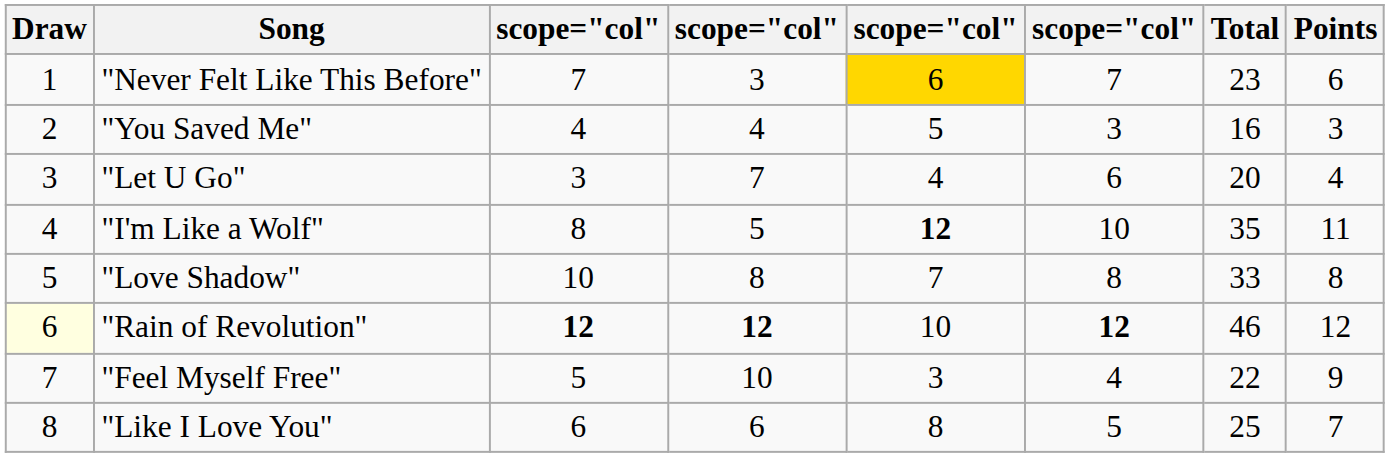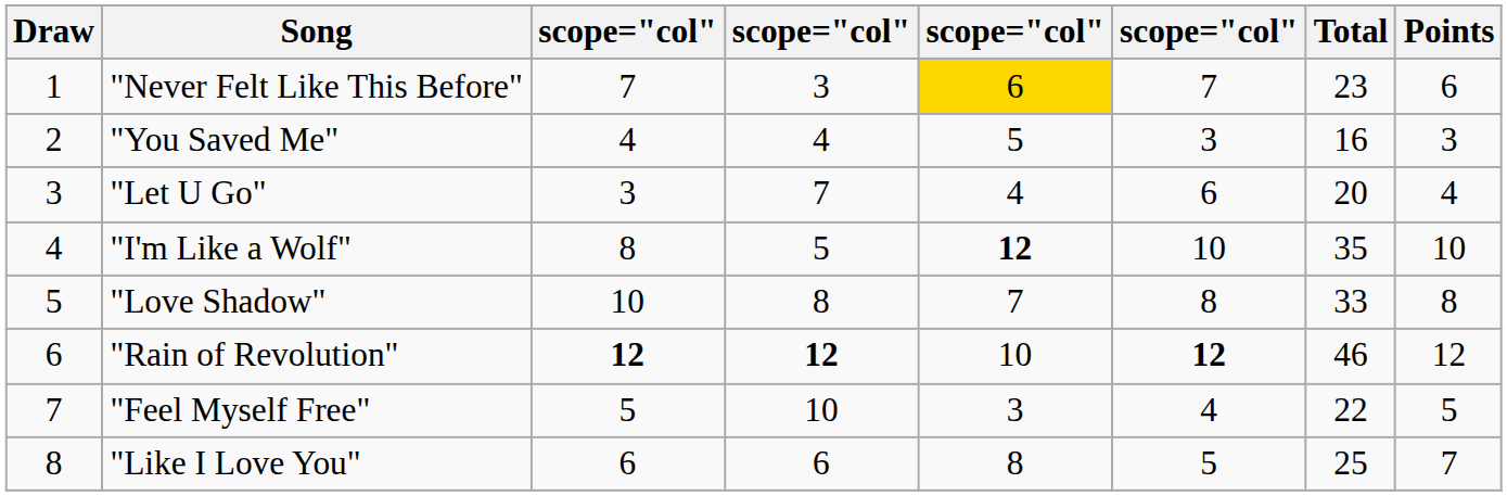 <table class="wikitable collapsible" style="margin: 1em auto 1em auto; text-align:center">
 <tr>
 <th>Draw</th>
 <th>Song</th>
 <th>scope="col" </th>
 <th>scope="col" </th>
 <th>scope="col" </th>
 <th>scope="col" </th>
 <th>Total</th>
 <th>Points</th>
 </tr>
 <tr>
 <td>1</td>
 <td align="left">"Never Felt Like This Before"</td>
 <td>7</td>
 <td>3</td>
 <td style="background: gold;">6</td>
 <td>7</td>
 <td>23</td>
 <td>6</td>
 </tr>
 <tr>
 <td>2</td>
 <td align="left">"You Saved Me"</td>
 <td>4</td>
 <td>4</td>
 <td>5</td>
 <td>3</td>
 <td>16</td>
 <td>3</td>
 </tr>
 <tr>
 <td>3</td>
 <td align="left">"Let U Go"</td>
 <td>3</td>
 <td>7</td>
 <td>4</td>
 <td>6</td>
 <td>20</td>
 <td>4</td>
 </tr>
 <tr>
 <td>4</td>
 <td align="left">"I'm Like a Wolf"</td>
 <td>8</td>
 <td>5</td>
 <td><strong>12</strong></td>
 <td>10</td>
 <td>35</td>
-<td>11</td>
+<td>10</td>
 </tr>
 <tr>
 <td>5</td>
 <td align="left">"Love Shadow"</td>
 <td>10</td>
 <td>8</td>
 <td>7</td>
 <td>8</td>
 <td>33</td>
 <td>8</td>
 </tr>
 <tr>
-<td style="background: lightyellow;">6</td>
+<td>6</td>
 <td align="left">"Rain of Revolution"</td>
 <td><strong>12</strong></td>
 <td><strong>12</strong></td>
 <td>10</td>
 <td><strong>12</strong></td>
 <td>46</td>
 <td>12</td>
 </tr>
 <tr>
 <td>7</td>
 <td align="left">"Feel Myself Free"</td>
 <td>5</td>
 <td>10</td>
 <td>3</td>
 <td>4</td>
 <td>22</td>
-<td>9</td>
+<td>5</td>
 </tr>
 <tr>
 <td>8</td>
 <td align="left">"Like I Love You"</td>
 <td>6</td>
 <td>6</td>
 <td>8</td>
 <td>5</td>
 <td>25</td>
 <td>7</td>
 </tr>
 </table>
